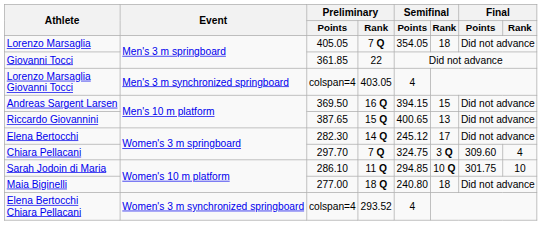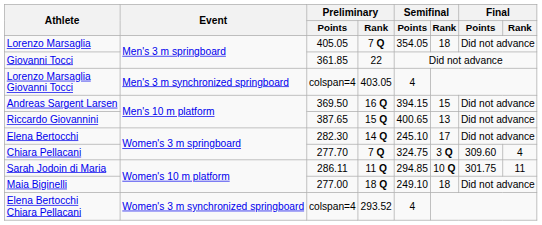 <table class=wikitable style="font-size:90%">
 <tr>
 <th rowspan="2">Athlete</th>
 <th rowspan="2">Event</th>
 <th colspan="2">Preliminary</th>
 <th colspan="2">Semifinal</th>
 <th colspan="2">Final</th>
 </tr>
 <tr style="font-size:95%">
 <th>Points</th>
 <th>Rank</th>
 <th>Points</th>
 <th>Rank</th>
 <th>Points</th>
 <th>Rank</th>
 </tr>
 <tr align=center>
 <td align=left><a href='#'>Lorenzo Marsaglia</a></td>
 <td align=left rowspan=2><a href='#'>Men's 3 m springboard</a></td>
 <td>405.05</td>
 <td>7  <strong>Q</strong></td>
 <td>354.05</td>
 <td>18</td>
 <td colspan=2>Did not advance</td>
 </tr>
 <tr align=center>
 <td align=left><a href='#'>Giovanni Tocci</a></td>
 <td>361.85</td>
 <td>22</td>
 <td colspan=4>Did not advance</td>
 </tr>
 <tr align=center>
 <td align=left><a href='#'>Lorenzo Marsaglia</a><br><a href='#'>Giovanni Tocci</a></td>
 <td align=left><a href='#'>Men's 3 m synchronized springboard</a></td>
 <td>colspan=4 </td>
 <td>403.05</td>
 <td>4</td>
 </tr>
 <tr align=center>
 <td align=left><a href='#'>Andreas Sargent Larsen</a></td>
 <td align=left rowspan=2><a href='#'>Men's 10 m platform</a></td>
 <td>369.50</td>
 <td>16 <strong>Q</strong></td>
 <td>394.15</td>
 <td>15</td>
 <td colspan=2>Did not advance</td>
 </tr>
 <tr align=center>
 <td align=left><a href='#'>Riccardo Giovannini</a></td>
 <td>387.65</td>
 <td>15 <strong>Q</strong></td>
 <td>400.65</td>
 <td>13</td>
 <td colspan=2>Did not advance</td>
 </tr>
 <tr align=center>
 <td align=left><a href='#'>Elena Bertocchi</a></td>
 <td align=left rowspan=2><a href='#'>Women's 3 m springboard</a></td>
 <td>282.30</td>
 <td>14 <strong>Q</strong></td>
-<td>245.12</td>
+<td>245.10</td>
 <td>17</td>
 <td colspan=2>Did not advance</td>
 </tr>
 <tr align=center>
 <td align=left><a href='#'>Chiara Pellacani</a></td>
-<td>297.70</td>
+<td>277.70</td>
 <td>7 <strong>Q</strong></td>
 <td>324.75</td>
 <td>3 <strong>Q</strong></td>
 <td>309.60</td>
 <td>4</td>
 </tr>
 <tr align=center>
 <td align=left><a href='#'>Sarah Jodoin di Maria</a></td>
 <td align=left rowspan=2><a href='#'>Women's 10 m platform</a></td>
-<td>286.10</td>
+<td>286.11</td>
 <td>11 <strong>Q</strong></td>
 <td>294.85</td>
 <td>10 <strong>Q</strong></td>
 <td>301.75</td>
-<td>10</td>
+<td>11</td>
 </tr>
 <tr align=center>
 <td align=left><a href='#'>Maia Biginelli</a></td>
 <td>277.00</td>
 <td>18 <strong>Q</strong></td>
-<td>240.80</td>
+<td>249.10</td>
 <td>18</td>
 <td colspan=2>Did not advance</td>
 </tr>
 <tr align=center>
 <td align=left><a href='#'>Elena Bertocchi</a><br><a href='#'>Chiara Pellacani</a></td>
 <td align=left><a href='#'>Women's 3 m synchronized springboard</a></td>
 <td>colspan=4 </td>
 <td>293.52</td>
 <td>4</td>
 </tr>
 </table>
